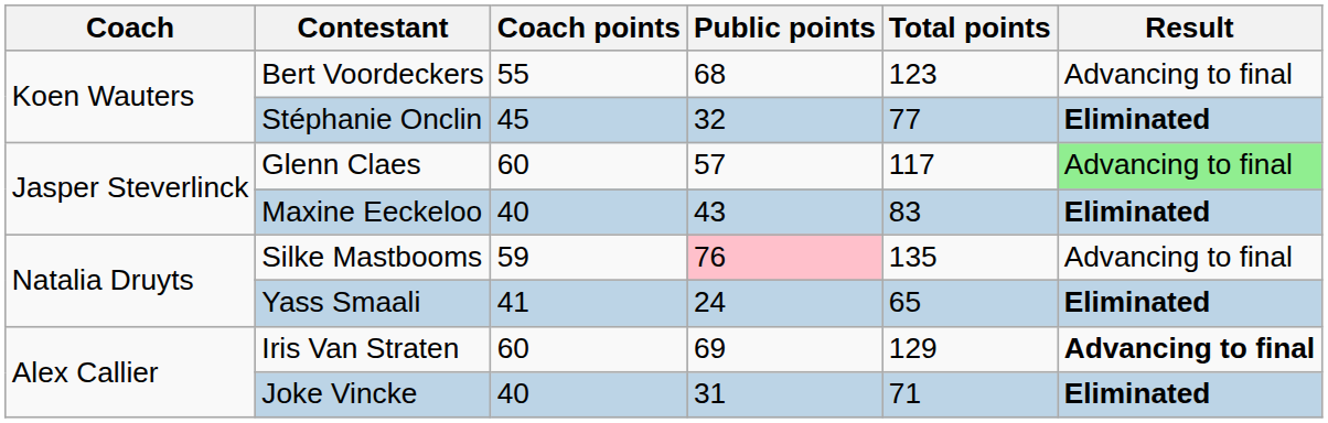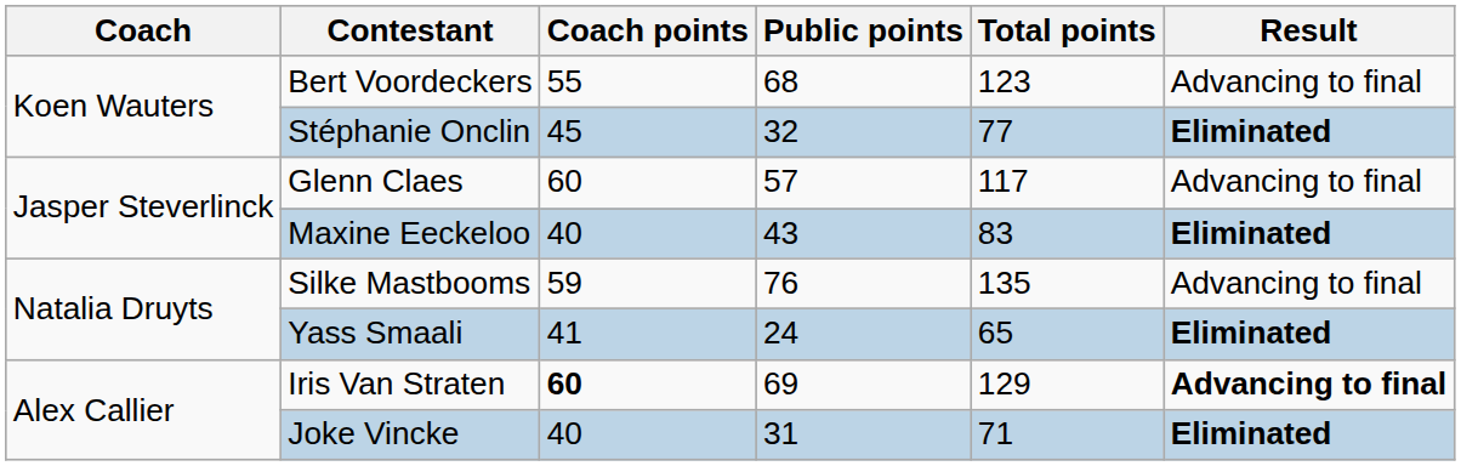 <table class=wikitable>
 <tr>
 <th>Coach</th>
 <th>Contestant</th>
 <th>Coach points</th>
 <th>Public points</th>
 <th>Total points</th>
 <th>Result</th>
 </tr>
 <tr>
 <td rowspan=2>Koen Wauters</td>
 <td>Bert Voordeckers</td>
 <td>55</td>
 <td>68</td>
 <td>123</td>
 <td>Advancing to final</td>
 </tr>
 <tr style="background:#bcd4e6;">
 <td>Stéphanie Onclin</td>
 <td>45</td>
 <td>32</td>
 <td>77</td>
 <td><strong>Eliminated</strong></td>
 </tr>
 <tr>
 <td rowspan=2>Jasper Steverlinck</td>
 <td>Glenn Claes</td>
 <td>60</td>
 <td>57</td>
 <td>117</td>
-<td style="background: lightgreen;">Advancing to final</td>
+<td>Advancing to final</td>
 </tr>
 <tr style="background:#bcd4e6;">
 <td>Maxine Eeckeloo</td>
 <td>40</td>
 <td>43</td>
 <td>83</td>
 <td><strong>Eliminated</strong></td>
 </tr>
 <tr>
 <td rowspan=2>Natalia Druyts</td>
 <td>Silke Mastbooms</td>
 <td>59</td>
-<td style="background: pink;">76</td>
+<td>76</td>
 <td>135</td>
 <td>Advancing to final</td>
 </tr>
 <tr style="background:#bcd4e6;">
 <td>Yass Smaali</td>
 <td>41</td>
 <td>24</td>
 <td>65</td>
 <td><strong>Eliminated</strong></td>
 </tr>
 <tr>
 <td rowspan=2>Alex Callier</td>
 <td>Iris Van Straten</td>
-<td>60</td>
+<td><strong>60</strong></td>
 <td>69</td>
 <td>129</td>
 <td><strong>Advancing to final</strong></td>
 </tr>
 <tr style="background:#bcd4e6;">
 <td>Joke Vincke</td>
 <td>40</td>
 <td>31</td>
 <td>71</td>
 <td><strong>Eliminated</strong></td>
 </tr>
 </table>
